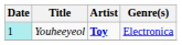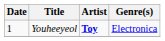 <table class="wikitable" style="text-align: left;">
 <tr>
 <th>Date</th>
 <th>Title</th>
 <th>Artist</th>
 <th>Genre(s)</th>
 </tr>
 <tr>
-<td style="background: paleturquoise;">1</td>
+<td>1</td>
 <td><em>Youheeyeol</em></td>
 <td><strong><a href='#'>Toy</a></strong></td>
 <td><a href='#'>Electronica</a></td>
 </tr>
 <tr>
 </tr>
 </table>
